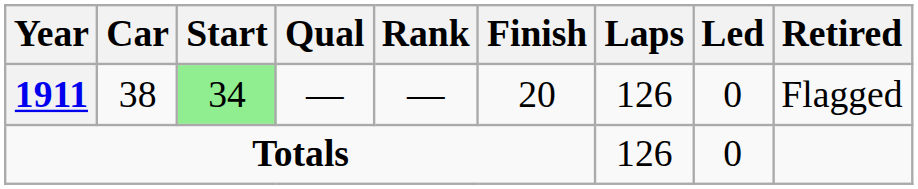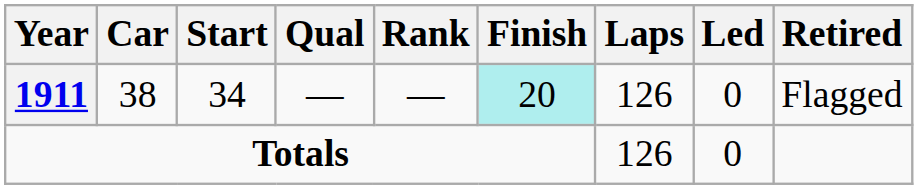 <table class="wikitable" style="text-align:center">
 <tr>
 <th>Year</th>
 <th>Car</th>
 <th>Start</th>
 <th>Qual</th>
 <th>Rank</th>
 <th>Finish</th>
 <th>Laps</th>
 <th>Led</th>
 <th>Retired</th>
 </tr>
 <tr>
 <th><a href='#'>1911</a></th>
 <td>38</td>
-<td style="background: lightgreen;">34</td>
+<td>34</td>
 <td>—</td>
 <td>—</td>
-<td>20</td>
+<td style="background: paleturquoise;">20</td>
 <td>126</td>
 <td>0</td>
 <td>Flagged</td>
 </tr>
 <tr>
 <td colspan=6><strong>Totals</strong></td>
 <td>126</td>
 <td>0</td>
 <td></td>
 </tr>
 </table>
